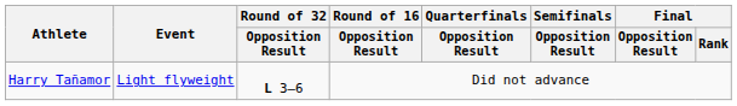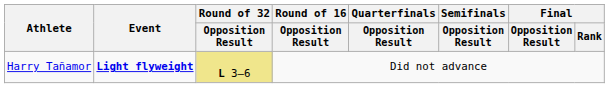 <table class="wikitable" style="font-size:90%">
 <tr>
 <th rowspan="2">Athlete</th>
 <th rowspan="2">Event</th>
 <th>Round of 32</th>
 <th>Round of 16</th>
 <th>Quarterfinals</th>
 <th>Semifinals</th>
 <th colspan=2>Final</th>
 </tr>
 <tr style="font-size:95%">
 <th>Opposition<br>Result</th>
 <th>Opposition<br>Result</th>
 <th>Opposition<br>Result</th>
 <th>Opposition<br>Result</th>
 <th>Opposition<br>Result</th>
 <th>Rank</th>
 </tr>
 <tr align=center>
 <td align=left><a href='#'>Harry Tañamor</a></td>
-<td align=left><a href='#'>Light flyweight</a></td>
-<td><br><strong>L</strong> 3–6</td>
+<td align=left><strong><a href='#'>Light flyweight</a></strong></td>
+<td style="background: khaki;"><br><strong>L</strong> 3–6</td>
 <td colspan=5>Did not advance</td>
 </tr>
 </table>
